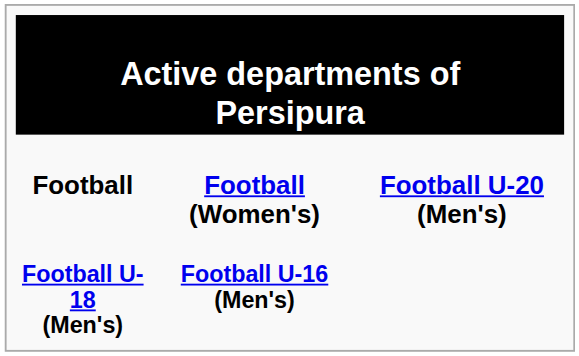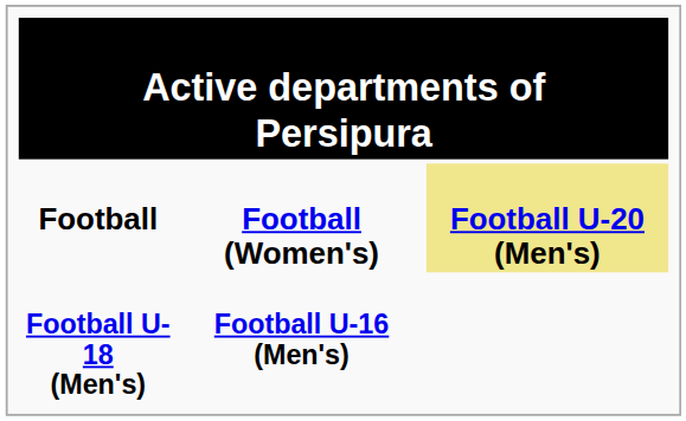 <table class="infobox" style="font-size: 88%; width: 22em; text-align: center">
 <tr>
 <th colspan=3 style="font-size: 125%; background-color:#000000; color:white; text-align:center;"><br>Active departments of<br>Persipura</th>
 </tr>
 <tr style="text-align: center">
 <td><br><strong>Football</strong></td>
 <td><br><strong><a href='#'>Football</a> (Women's)</strong></td>
-<td><br><strong><a href='#'>Football U-20</a> (Men's)</strong></td>
+<td style="background: khaki;"><br><strong><a href='#'>Football U-20</a> (Men's)</strong></td>
 </tr>
 <tr style="font-size: 90%; text-align: center">
 <td><br><strong><a href='#'>Football U-18</a><br> (Men's)</strong></td>
 <td><br><strong><a href='#'>Football U-16</a><br> (Men's)</strong></td>
 </tr>
 </table>
